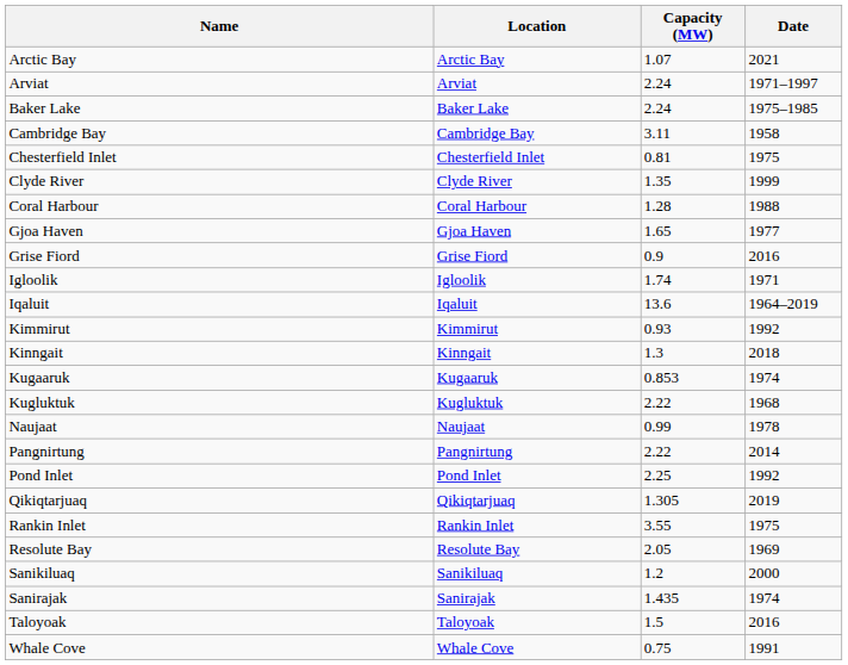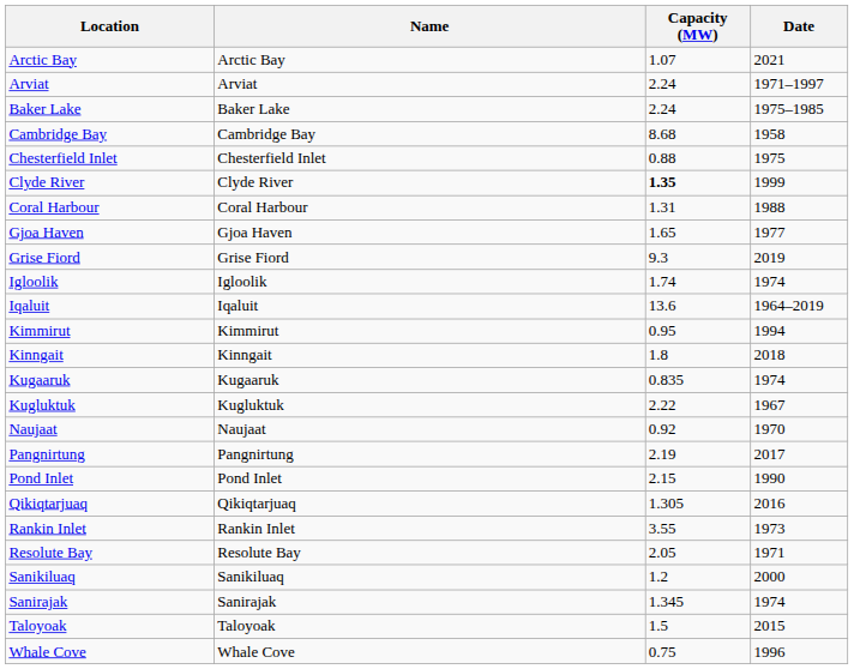 <table class="wikitable sortable">
 <tr>
+<th width="15%">Location</th>
 <th width="31%">Name</th>
-<th width="15%">Location</th>
 <th width="7%">Capacity (<a href='#'>MW</a>)</th>
 <th width="7%">Date</th>
 </tr>
 <tr>
+<td><a href='#'>Arctic Bay</a></td>
 <td>Arctic Bay</td>
-<td><a href='#'>Arctic Bay</a></td>
 <td>1.07</td>
 <td>2021</td>
 </tr>
 <tr>
+<td><a href='#'>Arviat</a></td>
 <td>Arviat</td>
-<td><a href='#'>Arviat</a></td>
 <td>2.24</td>
 <td>1971–1997</td>
 </tr>
 <tr>
+<td><a href='#'>Baker Lake</a></td>
 <td>Baker Lake</td>
-<td><a href='#'>Baker Lake</a></td>
 <td>2.24</td>
 <td>1975–1985</td>
 </tr>
 <tr>
+<td><a href='#'>Cambridge Bay</a></td>
 <td>Cambridge Bay</td>
-<td><a href='#'>Cambridge Bay</a></td>
-<td>3.11</td>
+<td>8.68</td>
 <td>1958</td>
 </tr>
 <tr>
+<td><a href='#'>Chesterfield Inlet</a></td>
 <td>Chesterfield Inlet</td>
-<td><a href='#'>Chesterfield Inlet</a></td>
-<td>0.81</td>
+<td>0.88</td>
 <td>1975</td>
 </tr>
 <tr>
+<td><a href='#'>Clyde River</a></td>
 <td>Clyde River</td>
-<td><a href='#'>Clyde River</a></td>
-<td>1.35</td>
+<td><strong>1.35</strong></td>
 <td>1999</td>
 </tr>
 <tr>
+<td><a href='#'>Coral Harbour</a></td>
 <td>Coral Harbour</td>
-<td><a href='#'>Coral Harbour</a></td>
-<td>1.28</td>
+<td>1.31</td>
 <td>1988</td>
 </tr>
 <tr>
+<td><a href='#'>Gjoa Haven</a></td>
 <td>Gjoa Haven</td>
-<td><a href='#'>Gjoa Haven</a></td>
 <td>1.65</td>
 <td>1977</td>
 </tr>
 <tr>
+<td><a href='#'>Grise Fiord</a></td>
 <td>Grise Fiord</td>
-<td><a href='#'>Grise Fiord</a></td>
-<td>0.9</td>
-<td>2016</td>
+<td>9.3</td>
+<td>2019</td>
 </tr>
 <tr>
+<td><a href='#'>Igloolik</a></td>
 <td>Igloolik</td>
-<td><a href='#'>Igloolik</a></td>
 <td>1.74</td>
-<td>1971</td>
+<td>1974</td>
 </tr>
 <tr>
+<td><a href='#'>Iqaluit</a></td>
 <td>Iqaluit</td>
-<td><a href='#'>Iqaluit</a></td>
 <td>13.6</td>
 <td>1964–2019</td>
 </tr>
 <tr>
+<td><a href='#'>Kimmirut</a></td>
 <td>Kimmirut</td>
-<td><a href='#'>Kimmirut</a></td>
-<td>0.93</td>
-<td>1992</td>
+<td>0.95</td>
+<td>1994</td>
 </tr>
 <tr>
+<td><a href='#'>Kinngait</a></td>
 <td>Kinngait</td>
-<td><a href='#'>Kinngait</a></td>
-<td>1.3</td>
+<td>1.8</td>
 <td>2018</td>
 </tr>
 <tr>
+<td><a href='#'>Kugaaruk</a></td>
 <td>Kugaaruk</td>
-<td><a href='#'>Kugaaruk</a></td>
-<td>0.853</td>
+<td>0.835</td>
 <td>1974</td>
 </tr>
 <tr>
+<td><a href='#'>Kugluktuk</a></td>
 <td>Kugluktuk</td>
-<td><a href='#'>Kugluktuk</a></td>
 <td>2.22</td>
-<td>1968</td>
+<td>1967</td>
 </tr>
 <tr>
+<td><a href='#'>Naujaat</a></td>
 <td>Naujaat</td>
-<td><a href='#'>Naujaat</a></td>
-<td>0.99</td>
-<td>1978</td>
+<td>0.92</td>
+<td>1970</td>
 </tr>
 <tr>
+<td><a href='#'>Pangnirtung</a></td>
 <td>Pangnirtung</td>
-<td><a href='#'>Pangnirtung</a></td>
-<td>2.22</td>
-<td>2014</td>
+<td>2.19</td>
+<td>2017</td>
 </tr>
 <tr>
+<td><a href='#'>Pond Inlet</a></td>
 <td>Pond Inlet</td>
-<td><a href='#'>Pond Inlet</a></td>
-<td>2.25</td>
-<td>1992</td>
+<td>2.15</td>
+<td>1990</td>
 </tr>
 <tr>
+<td><a href='#'>Qikiqtarjuaq</a></td>
 <td>Qikiqtarjuaq</td>
-<td><a href='#'>Qikiqtarjuaq</a></td>
 <td>1.305</td>
-<td>2019</td>
+<td>2016</td>
 </tr>
 <tr>
+<td><a href='#'>Rankin Inlet</a></td>
 <td>Rankin Inlet</td>
-<td><a href='#'>Rankin Inlet</a></td>
 <td>3.55</td>
-<td>1975</td>
+<td>1973</td>
 </tr>
 <tr>
+<td><a href='#'>Resolute Bay</a></td>
 <td>Resolute Bay</td>
-<td><a href='#'>Resolute Bay</a></td>
 <td>2.05</td>
-<td>1969</td>
+<td>1971</td>
 </tr>
 <tr>
+<td><a href='#'>Sanikiluaq</a></td>
 <td>Sanikiluaq</td>
-<td><a href='#'>Sanikiluaq</a></td>
 <td>1.2</td>
 <td>2000</td>
 </tr>
 <tr>
+<td><a href='#'>Sanirajak</a></td>
 <td>Sanirajak</td>
-<td><a href='#'>Sanirajak</a></td>
-<td>1.435</td>
+<td>1.345</td>
 <td>1974</td>
 </tr>
 <tr>
+<td><a href='#'>Taloyoak</a></td>
 <td>Taloyoak</td>
-<td><a href='#'>Taloyoak</a></td>
 <td>1.5</td>
-<td>2016</td>
+<td>2015</td>
 </tr>
 <tr>
+<td><a href='#'>Whale Cove</a></td>
 <td>Whale Cove</td>
-<td><a href='#'>Whale Cove</a></td>
 <td>0.75</td>
-<td>1991</td>
+<td>1996</td>
 </tr>
 </table>
